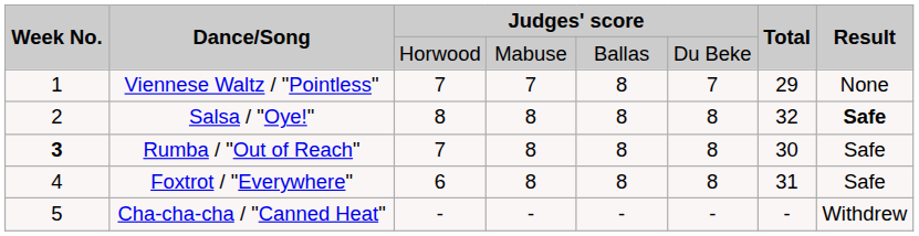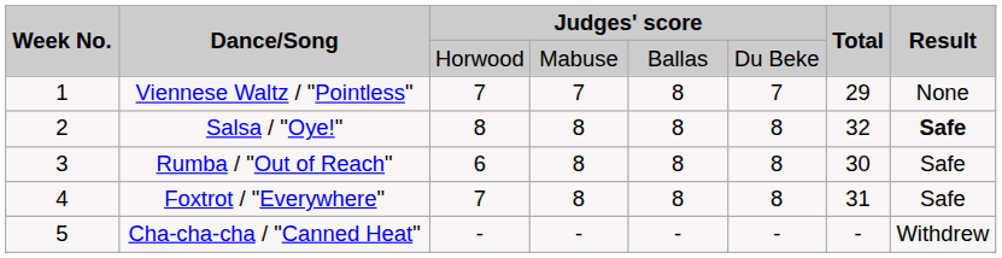 <table class="wikitable collapsible collapsed">
 <tr>
 <th rowspan="2" style="background:#ccc; text-align:Center;">Week No.</th>
 <th rowspan="2" style="background:#ccc; text-align:Center;">Dance/Song</th>
 <th colspan="4" style="background:#ccc; text-align:Center;">Judges' score</th>
 <th rowspan="2" style="background:#ccc; text-align:Center;">Total</th>
 <th rowspan="2" style="background:#ccc; text-align:Center;">Result</th>
 </tr>
 <tr style="text-align:center; background:#ccc;">
 <td style="width:10%; ">Horwood</td>
 <td style="width:10%; ">Mabuse</td>
 <td style="width:10%; ">Ballas</td>
 <td style="width:10%; ">Du Beke</td>
 </tr>
 <tr style="text-align:center; background:#faf6f6">
 <td style="text-align:center; background:#faf6f6;">1</td>
 <td style="text-align:center; background:#faf6f6;"><a href='#'>Viennese Waltz</a> / "<a href='#'>Pointless</a>"</td>
 <td style="text-align:center; background:#faf6f6;">7</td>
 <td style="text-align:center; background:#faf6f6;">7</td>
 <td style="text-align:center; background:#faf6f6;">8</td>
 <td style="text-align:center; background:#faf6f6;">7</td>
 <td style="text-align:center; background:#faf6f6;">29</td>
 <td style="text-align:center; background:#faf6f6;">None</td>
 </tr>
 <tr style="text-align:center; background:#faf6f6">
 <td style="text-align:center; background:#faf6f6;">2</td>
 <td style="text-align:center; background:#faf6f6;"><a href='#'>Salsa</a> / "<a href='#'>Oye!</a>"</td>
 <td style="text-align:center; background:#faf6f6;">8</td>
 <td style="text-align:center; background:#faf6f6;">8</td>
 <td style="text-align:center; background:#faf6f6;">8</td>
 <td style="text-align:center; background:#faf6f6;">8</td>
 <td style="text-align:center; background:#faf6f6;">32</td>
 <td style="text-align:center; background:#faf6f6;"><strong>Safe</strong></td>
 </tr>
 <tr style="text-align:center; background:#faf6f6">
-<td style="text-align:center; background:#faf6f6;"><strong>3</strong></td>
+<td style="text-align:center; background:#faf6f6;">3</td>
 <td style="text-align:center; background:#faf6f6;"><a href='#'>Rumba</a> / "<a href='#'>Out of Reach</a>"</td>
-<td style="text-align:center; background:#faf6f6;">7</td>
+<td style="text-align:center; background:#faf6f6;">6</td>
 <td style="text-align:center; background:#faf6f6;">8</td>
 <td style="text-align:center; background:#faf6f6;">8</td>
 <td style="text-align:center; background:#faf6f6;">8</td>
 <td style="text-align:center; background:#faf6f6;">30</td>
 <td style="text-align:center; background:#faf6f6;">Safe</td>
 </tr>
 <tr style="text-align:center; background:#faf6f6">
 <td style="text-align:center; background:#faf6f6;">4</td>
 <td style="text-align:center; background:#faf6f6;"><a href='#'>Foxtrot</a> / "<a href='#'>Everywhere</a>"</td>
-<td style="text-align:center; background:#faf6f6;">6</td>
+<td style="text-align:center; background:#faf6f6;">7</td>
 <td style="text-align:center; background:#faf6f6;">8</td>
 <td style="text-align:center; background:#faf6f6;">8</td>
 <td style="text-align:center; background:#faf6f6;">8</td>
 <td style="text-align:center; background:#faf6f6;">31</td>
 <td style="text-align:center; background:#faf6f6;">Safe</td>
 </tr>
 <tr style="text-align:center; background:#faf6f6">
 <td style="text-align:center; background:#faf6f6;">5</td>
 <td style="text-align:center; background:#faf6f6;"><a href='#'>Cha-cha-cha</a> / "<a href='#'>Canned Heat</a>"</td>
 <td style="text-align:center; background:#faf6f6;">-</td>
 <td style="text-align:center; background:#faf6f6;">-</td>
 <td style="text-align:center; background:#faf6f6;">-</td>
 <td style="text-align:center; background:#faf6f6;">-</td>
 <td style="text-align:center; background:#faf6f6;">-</td>
 <td style="text-align:center; background:#faf6f6;">Withdrew</td>
 </tr>
 </table>
